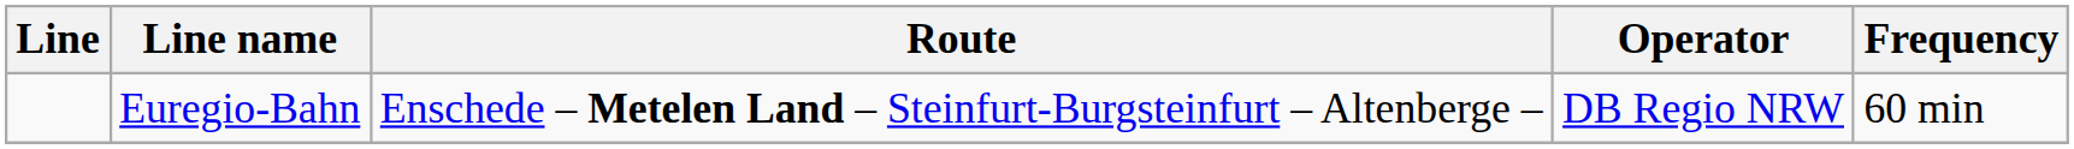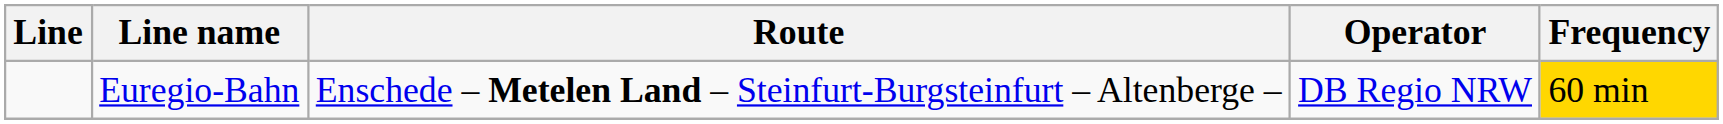 <table class="wikitable">
 <tr class="hintergrundfarbe5">
 <th>Line</th>
 <th>Line name</th>
 <th>Route</th>
 <th>Operator</th>
 <th>Frequency</th>
 </tr>
 <tr>
 <td align="center"></td>
 <td><a href='#'>Euregio-Bahn</a></td>
 <td><a href='#'>Enschede</a> –  <strong>Metelen Land</strong> – <a href='#'>Steinfurt-Burgsteinfurt</a> – Altenberge –  </td>
 <td style="white-space:nowrap;"><a href='#'>DB Regio NRW</a></td>
-<td style="white-space:nowrap;">60 min</td>
+<td style="background: gold; white-space:nowrap;">60 min</td>
 </tr>
 <tr>
 </tr>
 </table>
